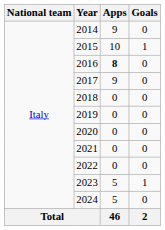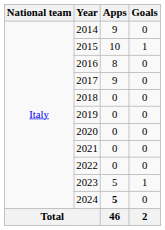 <table class=wikitable style=text-align:center>
 <tr>
 <th>National team</th>
 <th>Year</th>
 <th>Apps</th>
 <th>Goals</th>
 </tr>
 <tr>
 <td rowspan="11"><a href='#'>Italy</a></td>
 <td>2014</td>
 <td>9</td>
 <td>0</td>
 </tr>
 <tr>
 <td>2015</td>
 <td>10</td>
 <td>1</td>
 </tr>
 <tr>
 <td>2016</td>
-<td><strong>8</strong></td>
+<td>8</td>
 <td>0</td>
 </tr>
 <tr>
 <td>2017</td>
 <td>9</td>
 <td>0</td>
 </tr>
 <tr>
 <td>2018</td>
 <td>0</td>
 <td>0</td>
 </tr>
 <tr>
 <td>2019</td>
 <td>0</td>
 <td>0</td>
 </tr>
 <tr>
 <td>2020</td>
 <td>0</td>
 <td>0</td>
 </tr>
 <tr>
 <td>2021</td>
 <td>0</td>
 <td>0</td>
 </tr>
 <tr>
 <td>2022</td>
 <td>0</td>
 <td>0</td>
 </tr>
 <tr>
 <td>2023</td>
 <td>5</td>
 <td>1</td>
 </tr>
 <tr>
 <td>2024</td>
-<td>5</td>
+<td><strong>5</strong></td>
 <td>0</td>
 </tr>
 <tr>
 <th colspan=2>Total</th>
 <th>46</th>
 <th>2</th>
 </tr>
 </table>
